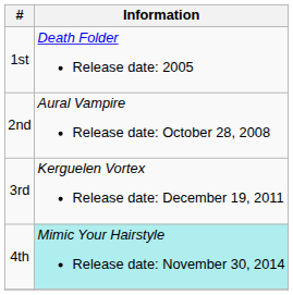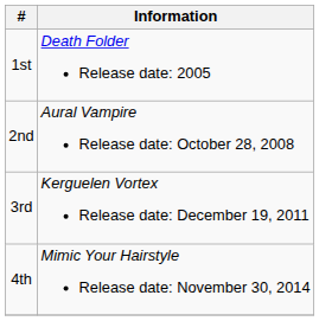 <table class="wikitable">
 <tr>
 <th>#</th>
 <th>Information</th>
 </tr>
 <tr>
 <td align="center">1st</td>
 <td align="left"><em><a href='#'>Death Folder</a></em><br><ul><li>Release date: 2005</li></ul></td>
 </tr>
 <tr>
 <td align="center">2nd</td>
 <td align="left"><em>Aural Vampire</em><br><ul><li>Release date: October 28, 2008</li></ul></td>
 </tr>
 <tr>
 <td align="center">3rd</td>
 <td align="left"><em>Kerguelen Vortex</em><br><ul><li>Release date: December 19, 2011</li></ul></td>
 </tr>
 <tr>
 <td align="center">4th</td>
-<td align="left" style="background: paleturquoise;"><em>Mimic Your Hairstyle</em><br><ul><li>Release date: November 30, 2014</li></ul></td>
+<td align="left"><em>Mimic Your Hairstyle</em><br><ul><li>Release date: November 30, 2014</li></ul></td>
 </tr>
 <tr>
 </tr>
 </table>
